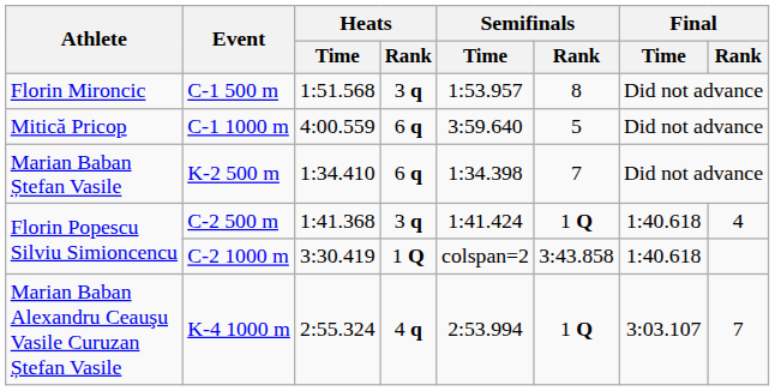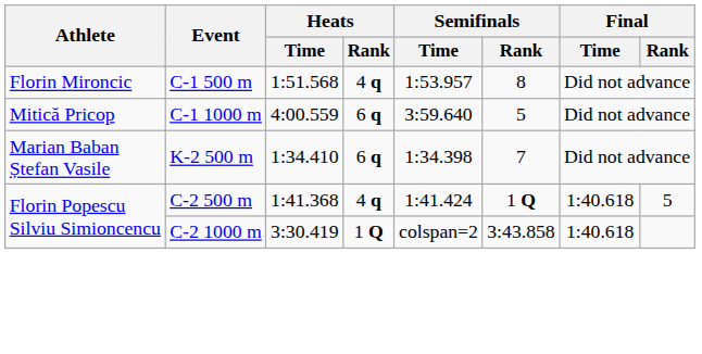 <table class="wikitable" style="font-size:90%">
 <tr>
 <th rowspan=2>Athlete</th>
 <th rowspan=2>Event</th>
 <th colspan=2>Heats</th>
 <th colspan=2>Semifinals</th>
 <th colspan=2>Final</th>
 </tr>
 <tr style="font-size:95%">
 <th>Time</th>
 <th>Rank</th>
 <th>Time</th>
 <th>Rank</th>
 <th>Time</th>
 <th>Rank</th>
 </tr>
 <tr align=center>
 <td align=left><a href='#'>Florin Mironcic</a></td>
 <td align=left><a href='#'>C-1 500 m</a></td>
 <td>1:51.568</td>
-<td>3 <strong>q</strong></td>
+<td>4 <strong>q</strong></td>
 <td>1:53.957</td>
 <td>8</td>
 <td colspan=2>Did not advance</td>
 </tr>
 <tr align=center>
 <td align=left><a href='#'>Mitică Pricop</a></td>
 <td align=left><a href='#'>C-1 1000 m</a></td>
 <td>4:00.559</td>
 <td>6 <strong>q</strong></td>
 <td>3:59.640</td>
 <td>5</td>
 <td colspan=2>Did not advance</td>
 </tr>
 <tr align=center>
 <td align=left><a href='#'>Marian Baban</a><br><a href='#'>Ștefan Vasile</a></td>
 <td align=left><a href='#'>K-2 500 m</a></td>
 <td>1:34.410</td>
 <td>6 <strong>q</strong></td>
 <td>1:34.398</td>
 <td>7</td>
 <td colspan=2>Did not advance</td>
 </tr>
 <tr align=center>
 <td align=left rowspan=2><a href='#'>Florin Popescu</a><br><a href='#'>Silviu Simioncencu</a></td>
 <td align=left><a href='#'>C-2 500 m</a></td>
 <td>1:41.368</td>
-<td>3 <strong>q</strong></td>
+<td>4 <strong>q</strong></td>
 <td>1:41.424</td>
 <td>1 <strong>Q</strong></td>
 <td>1:40.618</td>
-<td>4</td>
+<td>5</td>
 </tr>
 <tr align=center>
 <td align=left><a href='#'>C-2 1000 m</a></td>
 <td>3:30.419</td>
 <td>1 <strong>Q</strong></td>
 <td>colspan=2 </td>
 <td>3:43.858</td>
 <td>1:40.618</td>
 </tr>
-<tr align=center>
-<td align=left><a href='#'>Marian Baban</a><br><a href='#'>Alexandru Ceauşu</a><br><a href='#'>Vasile Curuzan</a><br><a href='#'>Ștefan Vasile</a></td>
-<td align=left><a href='#'>K-4 1000 m</a></td>
-<td>2:55.324</td>
-<td>4 <strong>q</strong></td>
-<td>2:53.994</td>
-<td>1 <strong>Q</strong></td>
-<td>3:03.107</td>
-<td>7</td>
-</tr>
 </table>
